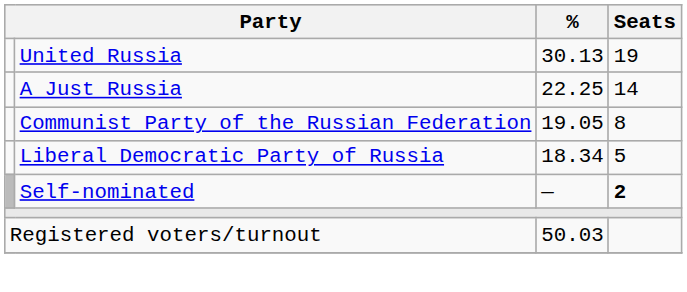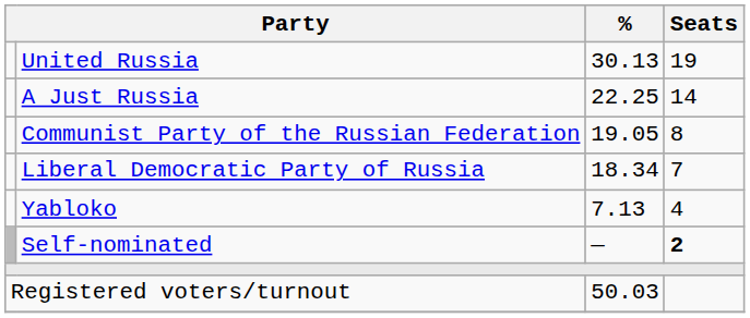 <table class="wikitable">
 <tr>
 <th colspan=2>Party</th>
 <th>%</th>
 <th>Seats</th>
 </tr>
 <tr>
 <td style="background:"></td>
 <td><a href='#'>United Russia</a></td>
 <td>30.13</td>
 <td>19</td>
 </tr>
 <tr>
 <td style="background:"></td>
 <td><a href='#'>A Just Russia</a></td>
 <td>22.25</td>
 <td>14</td>
 </tr>
 <tr>
 <td style="background:"></td>
 <td><a href='#'>Communist Party of the Russian Federation</a></td>
 <td>19.05</td>
 <td>8</td>
 </tr>
 <tr>
 <td style="background:"></td>
 <td><a href='#'>Liberal Democratic Party of Russia</a></td>
 <td>18.34</td>
-<td>5</td>
+<td>7</td>
+</tr>
+<tr>
+<td style="background:"></td>
+<td><a href='#'>Yabloko</a></td>
+<td>7.13</td>
+<td>4</td>
 </tr>
 <tr>
 <td style="background:#BBBBBB;"></td>
 <td><a href='#'>Self-nominated</a></td>
 <td>—</td>
 <td><strong>2</strong></td>
 </tr>
 <tr>
 <td colspan=4 style="background:#E9E9E9;"></td>
 </tr>
 <tr>
 <td align=left colspan=2>Registered voters/turnout</td>
 <td>50.03</td>
 <td></td>
 </tr>
 <tr>
 </tr>
 </table>
